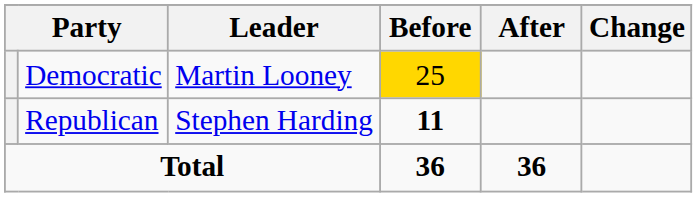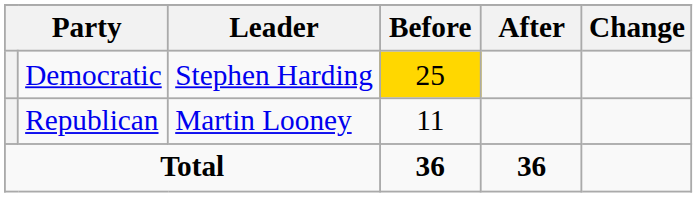 <table class="wikitable" style="text-align:center;">
 <tr>
 </tr>
 <tr>
 <th colspan="2">Party</th>
 <th>Leader</th>
 <th style="width:3em">Before</th>
 <th style="width:3em">After</th>
 <th style="width:3em">Change</th>
 </tr>
 <tr>
 <th style="background-color:"></th>
 <td style="text-align:left;"><a href='#'>Democratic</a></td>
-<td style="text-align:left;"><a href='#'>Martin Looney</a></td>
+<td style="text-align:left;"><a href='#'>Stephen Harding</a></td>
 <td style="background: gold;">25</td>
 <td></td>
 <td></td>
 </tr>
 <tr>
 <th style="background-color:"></th>
 <td style="text-align:left;"><a href='#'>Republican</a></td>
-<td style="text-align:left;"><a href='#'>Stephen Harding</a></td>
-<td><strong>11</strong></td>
+<td style="text-align:left;"><a href='#'>Martin Looney</a></td>
+<td>11</td>
 <td></td>
 <td></td>
 </tr>
 <tr>
 <td colspan="3"><strong>Total</strong></td>
 <td><strong>36</strong></td>
 <td><strong>36</strong></td>
 <td></td>
 </tr>
 </table>
